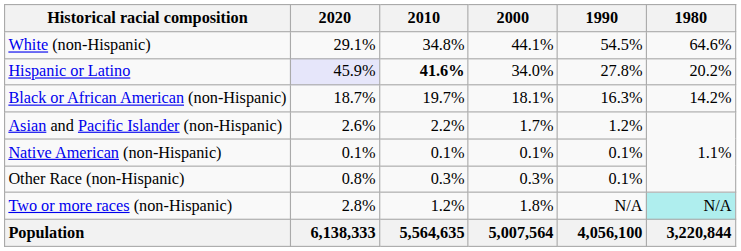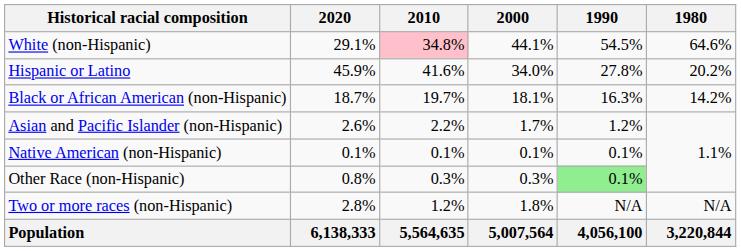 <table class="wikitable" style="font-size: 90%; text-align: right;">
 <tr>
 <th>Historical racial composition</th>
 <th style="width: 5em;">2020</th>
 <th style="width: 5em;">2010</th>
 <th style="width: 5em;">2000</th>
 <th style="width: 5em;">1990</th>
 <th style="width: 5em;">1980</th>
 </tr>
 <tr>
 <td style="text-align:left"><a href='#'>White</a> (non-Hispanic)</td>
 <td>29.1%</td>
-<td>34.8%</td>
+<td style="background: pink;">34.8%</td>
 <td>44.1%</td>
 <td>54.5%</td>
 <td>64.6%</td>
 </tr>
 <tr>
 <td style="text-align:left"><a href='#'>Hispanic or Latino</a></td>
-<td style="background: lavender;">45.9%</td>
-<td><strong>41.6%</strong></td>
+<td>45.9%</td>
+<td>41.6%</td>
 <td>34.0%</td>
 <td>27.8%</td>
 <td>20.2%</td>
 </tr>
 <tr>
 <td style="text-align:left"><a href='#'>Black or African American</a> (non-Hispanic)</td>
 <td>18.7%</td>
 <td>19.7%</td>
 <td>18.1%</td>
 <td>16.3%</td>
 <td>14.2%</td>
 </tr>
 <tr>
 <td style="text-align:left"><a href='#'>Asian</a> and <a href='#'>Pacific Islander</a> (non-Hispanic)</td>
 <td>2.6%</td>
 <td>2.2%</td>
 <td>1.7%</td>
 <td>1.2%</td>
 <td rowspan="3">1.1%</td>
 </tr>
 <tr>
 <td style="text-align:left"><a href='#'>Native American</a> (non-Hispanic)</td>
 <td>0.1%</td>
 <td>0.1%</td>
 <td>0.1%</td>
 <td>0.1%</td>
 </tr>
 <tr>
 <td style="text-align:left">Other Race (non-Hispanic)</td>
 <td>0.8%</td>
 <td>0.3%</td>
 <td>0.3%</td>
-<td>0.1%</td>
+<td style="background: lightgreen;">0.1%</td>
 </tr>
 <tr>
 <td style="text-align:left"><a href='#'>Two or more races</a> (non-Hispanic)</td>
 <td>2.8%</td>
 <td>1.2%</td>
 <td>1.8%</td>
 <td>N/A</td>
-<td style="background: paleturquoise;">N/A</td>
+<td>N/A</td>
 </tr>
 <tr>
 <th style="text-align:left">Population</th>
 <th style="text-align:right">6,138,333</th>
 <th style="text-align:right">5,564,635</th>
 <th style="text-align:right">5,007,564</th>
 <th style="text-align:right">4,056,100</th>
 <th style="text-align:right">3,220,844</th>
 </tr>
 </table>
